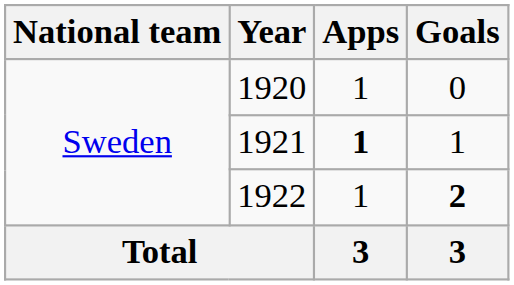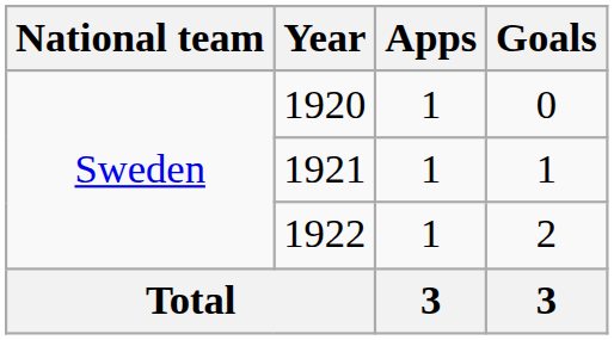 <table class=wikitable style=text-align:center>
 <tr>
 <th>National team</th>
 <th>Year</th>
 <th>Apps</th>
 <th>Goals</th>
 </tr>
 <tr>
 <td rowspan="3"><a href='#'>Sweden</a></td>
 <td>1920</td>
 <td>1</td>
 <td>0</td>
 </tr>
 <tr>
 <td>1921</td>
-<td><strong>1</strong></td>
+<td>1</td>
 <td>1</td>
 </tr>
 <tr>
 <td>1922</td>
 <td>1</td>
-<td><strong>2</strong></td>
+<td>2</td>
 </tr>
 <tr>
 <th colspan="2">Total</th>
 <th>3</th>
 <th>3</th>
 </tr>
 </table>
